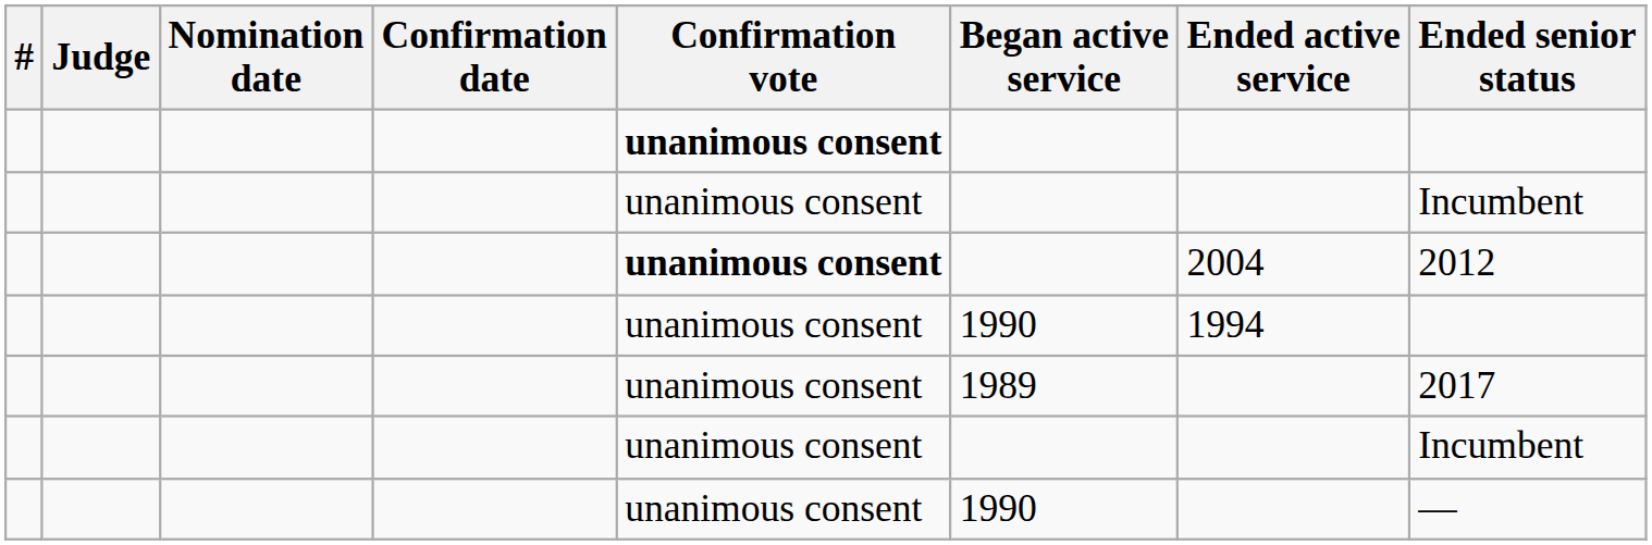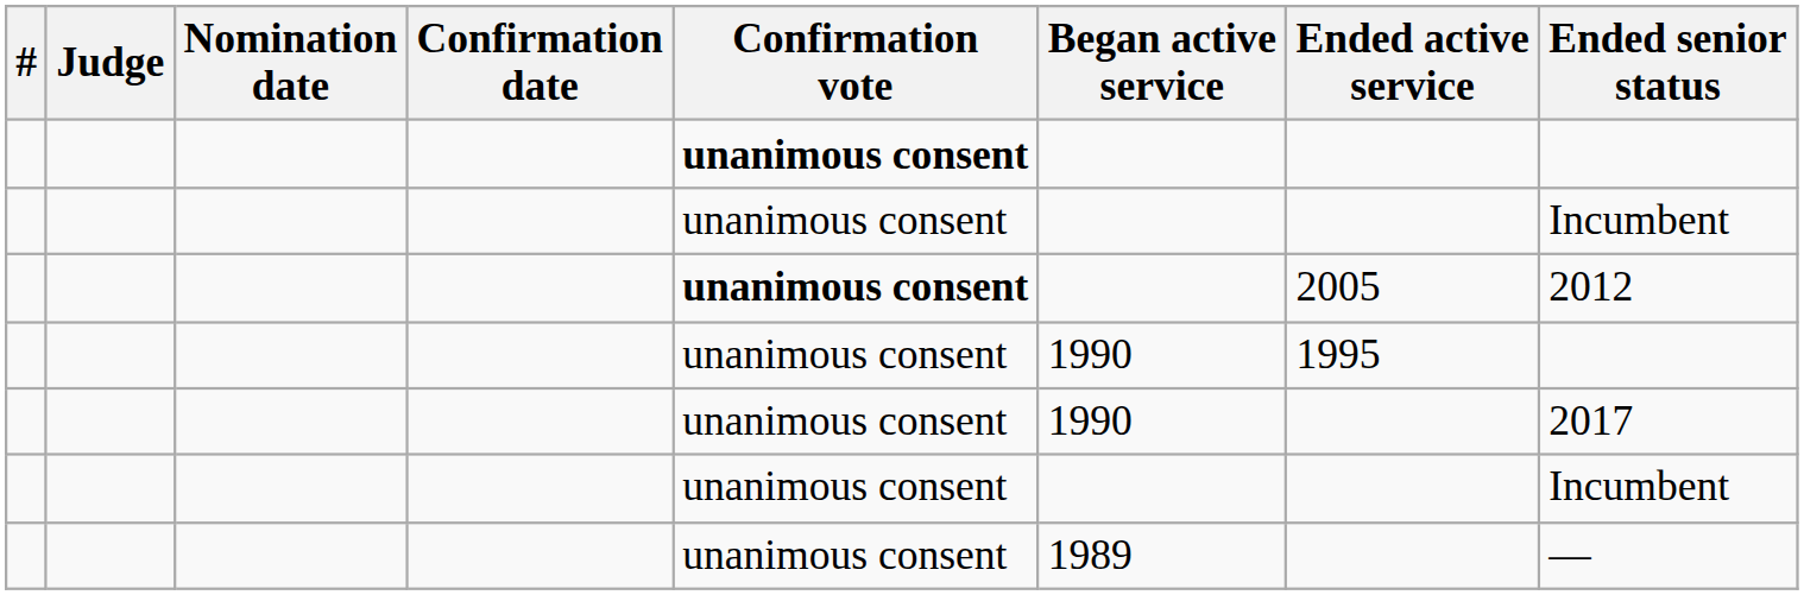 <table class="sortable wikitable">
 <tr bgcolor="#ececec">
 <th>#</th>
 <th>Judge</th>
 <th>Nomination<br>date</th>
 <th>Confirmation<br>date</th>
 <th>Confirmation<br>vote</th>
 <th>Began active<br>service</th>
 <th>Ended active<br>service</th>
 <th>Ended senior<br>status</th>
 </tr>
 <tr>
 <td></td>
 <td></td>
 <td></td>
 <td></td>
 <td><strong>unanimous consent</strong></td>
 <td></td>
 <td></td>
 <td></td>
 </tr>
 <tr>
 <td></td>
 <td></td>
 <td></td>
 <td></td>
 <td>unanimous consent</td>
 <td></td>
 <td></td>
 <td>Incumbent</td>
 </tr>
 <tr>
 <td></td>
 <td></td>
 <td></td>
 <td></td>
 <td><strong>unanimous consent</strong></td>
 <td></td>
-<td>2004</td>
+<td>2005</td>
 <td>2012</td>
 </tr>
 <tr>
 <td></td>
 <td></td>
 <td></td>
 <td></td>
 <td>unanimous consent</td>
 <td>1990</td>
-<td>1994</td>
+<td>1995</td>
 <td></td>
 </tr>
 <tr>
 <td></td>
 <td></td>
 <td></td>
 <td></td>
 <td>unanimous consent</td>
-<td>1989</td>
+<td>1990</td>
 <td></td>
 <td>2017</td>
 </tr>
 <tr>
 <td></td>
 <td></td>
 <td></td>
 <td></td>
 <td>unanimous consent</td>
 <td></td>
 <td></td>
 <td>Incumbent</td>
 </tr>
 <tr>
 <td></td>
 <td></td>
 <td></td>
 <td></td>
 <td>unanimous consent</td>
-<td>1990</td>
+<td>1989</td>
 <td></td>
 <td>—</td>
 </tr>
 </table>
